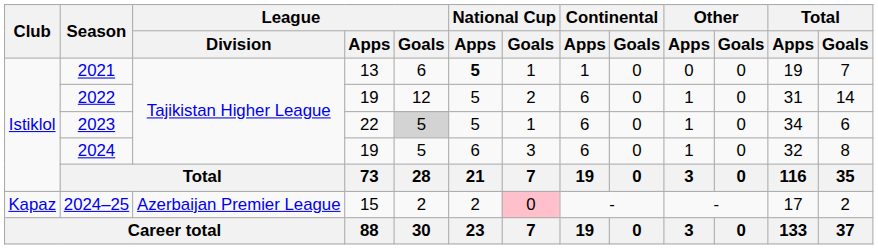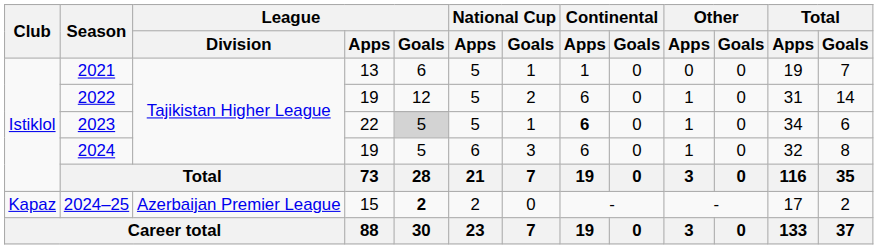 <table class="wikitable" style="text-align: center;">
 <tr>
 <th rowspan="2">Club</th>
 <th rowspan="2">Season</th>
 <th colspan="3">League</th>
 <th colspan="2">National Cup</th>
 <th colspan="2">Continental</th>
 <th colspan="2">Other</th>
 <th colspan="2">Total</th>
 </tr>
 <tr>
 <th>Division</th>
 <th>Apps</th>
 <th>Goals</th>
 <th>Apps</th>
 <th>Goals</th>
 <th>Apps</th>
 <th>Goals</th>
 <th>Apps</th>
 <th>Goals</th>
 <th>Apps</th>
 <th>Goals</th>
 </tr>
 <tr>
 <td rowspan="5" valign="center"><a href='#'>Istiklol</a></td>
 <td><a href='#'>2021</a></td>
 <td rowspan="4" valign="center"><a href='#'>Tajikistan Higher League</a></td>
 <td>13</td>
 <td>6</td>
-<td><strong>5</strong></td>
+<td>5</td>
 <td>1</td>
 <td>1</td>
 <td>0</td>
 <td>0</td>
 <td>0</td>
 <td>19</td>
 <td>7</td>
 </tr>
 <tr>
 <td><a href='#'>2022</a></td>
 <td>19</td>
 <td>12</td>
 <td>5</td>
 <td>2</td>
 <td>6</td>
 <td>0</td>
 <td>1</td>
 <td>0</td>
 <td>31</td>
 <td>14</td>
 </tr>
 <tr>
 <td><a href='#'>2023</a></td>
 <td>22</td>
 <td style="background: lightgrey;">5</td>
 <td>5</td>
 <td>1</td>
-<td>6</td>
+<td><strong>6</strong></td>
 <td>0</td>
 <td>1</td>
 <td>0</td>
 <td>34</td>
 <td>6</td>
 </tr>
 <tr>
 <td><a href='#'>2024</a></td>
 <td>19</td>
 <td>5</td>
 <td>6</td>
 <td>3</td>
 <td>6</td>
 <td>0</td>
 <td>1</td>
 <td>0</td>
 <td>32</td>
 <td>8</td>
 </tr>
 <tr>
 <th colspan="2">Total</th>
 <th>73</th>
 <th>28</th>
 <th>21</th>
 <th>7</th>
 <th>19</th>
 <th>0</th>
 <th>3</th>
 <th>0</th>
 <th>116</th>
 <th>35</th>
 </tr>
 <tr>
 <td rowspan="1" valign="center"><a href='#'>Kapaz</a></td>
 <td><a href='#'>2024–25</a></td>
 <td rowspan="1" valign="center"><a href='#'>Azerbaijan Premier League</a></td>
 <td>15</td>
+<td><strong>2</strong></td>
 <td>2</td>
-<td>2</td>
-<td style="background: pink;">0</td>
+<td>0</td>
 <td colspan="2">-</td>
 <td colspan="2">-</td>
 <td>17</td>
 <td>2</td>
 </tr>
 <tr>
 <th colspan="3">Career total</th>
 <th>88</th>
 <th>30</th>
 <th>23</th>
 <th>7</th>
 <th>19</th>
 <th>0</th>
 <th>3</th>
 <th>0</th>
 <th>133</th>
 <th>37</th>
 </tr>
 </table>
